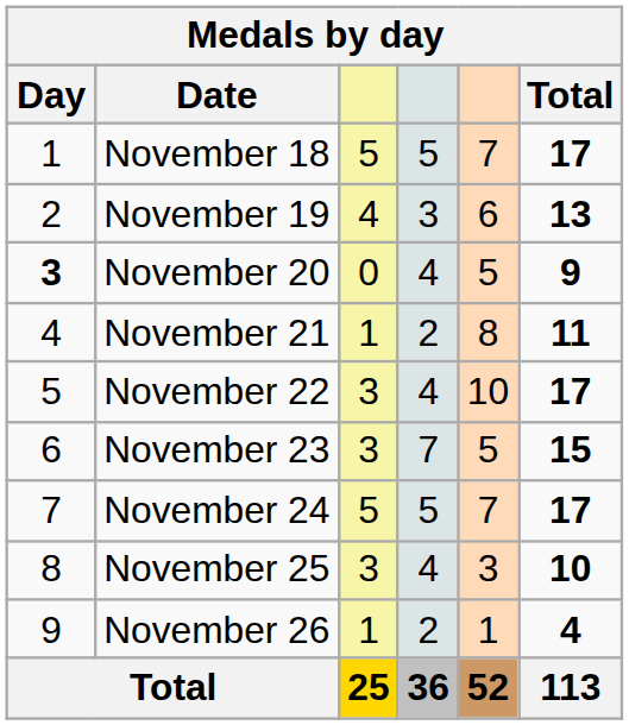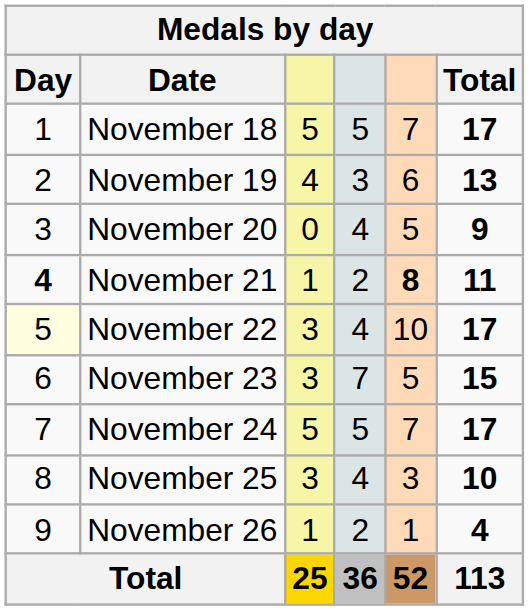 <table class=wikitable style="font-size:85%; float:right; text-align:center">
 <tr>
 <th colspan=6>Medals by day</th>
 </tr>
 <tr>
 <th>Day</th>
 <th>Date</th>
 <td bgcolor=F7F6A8></td>
 <td bgcolor=DCE5E5></td>
 <td bgcolor=FFDAB9></td>
 <th>Total</th>
 </tr>
 <tr>
 <td>1</td>
 <td nowrap>November 18</td>
 <td bgcolor=F7F6A8>5</td>
 <td bgcolor=DCE5E5>5</td>
 <td bgcolor=FFDAB9>7</td>
 <td><strong>17</strong></td>
 </tr>
 <tr>
 <td>2</td>
 <td>November 19</td>
 <td bgcolor=F7F6A8>4</td>
 <td bgcolor=DCE5E5>3</td>
 <td bgcolor=FFDAB9>6</td>
 <td><strong>13</strong></td>
 </tr>
 <tr>
-<td><strong>3</strong></td>
+<td>3</td>
 <td>November 20</td>
 <td bgcolor=F7F6A8>0</td>
 <td bgcolor=DCE5E5>4</td>
 <td bgcolor=FFDAB9>5</td>
 <td><strong>9</strong></td>
 </tr>
 <tr>
-<td>4</td>
+<td><strong>4</strong></td>
 <td>November 21</td>
 <td bgcolor=F7F6A8>1</td>
 <td bgcolor=DCE5E5>2</td>
-<td bgcolor=FFDAB9>8</td>
+<td bgcolor=FFDAB9><strong>8</strong></td>
 <td><strong>11</strong></td>
 </tr>
 <tr>
-<td>5</td>
+<td style="background: lightyellow;">5</td>
 <td>November 22</td>
 <td bgcolor=F7F6A8>3</td>
 <td bgcolor=DCE5E5>4</td>
 <td bgcolor=FFDAB9>10</td>
 <td><strong>17</strong></td>
 </tr>
 <tr>
 <td>6</td>
 <td>November 23</td>
 <td bgcolor=F7F6A8>3</td>
 <td bgcolor=DCE5E5>7</td>
 <td bgcolor=FFDAB9>5</td>
 <td><strong>15</strong></td>
 </tr>
 <tr>
 <td>7</td>
 <td>November 24</td>
 <td bgcolor=F7F6A8>5</td>
 <td bgcolor=DCE5E5>5</td>
 <td bgcolor=FFDAB9>7</td>
 <td><strong>17</strong></td>
 </tr>
 <tr>
 <td>8</td>
 <td>November 25</td>
 <td bgcolor=F7F6A8>3</td>
 <td bgcolor=DCE5E5>4</td>
 <td bgcolor=FFDAB9>3</td>
 <td><strong>10</strong></td>
 </tr>
 <tr>
 <td>9</td>
 <td>November 26</td>
 <td bgcolor=F7F6A8>1</td>
 <td bgcolor=DCE5E5>2</td>
 <td bgcolor=FFDAB9>1</td>
 <td><strong>4</strong></td>
 </tr>
 <tr>
 <th colspan=2>Total</th>
 <th style=background:gold>25</th>
 <th style=background:silver>36</th>
 <th style=background:#c96>52</th>
 <th>113</th>
 </tr>
 </table>
